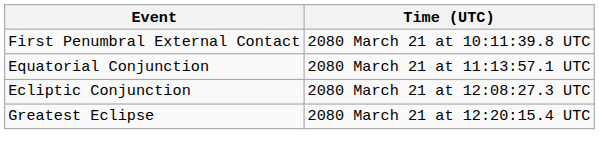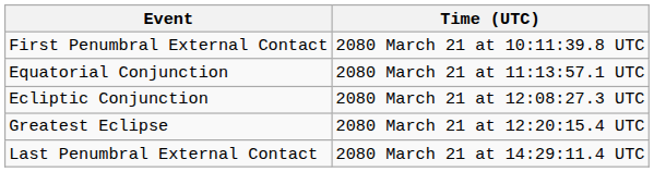 <table class="wikitable">
 <tr>
 <th>Event</th>
 <th>Time (UTC)</th>
 </tr>
 <tr>
 <td>First Penumbral External Contact</td>
 <td>2080 March 21 at 10:11:39.8 UTC</td>
 </tr>
 <tr>
 <td>Equatorial Conjunction</td>
 <td>2080 March 21 at 11:13:57.1 UTC</td>
 </tr>
 <tr>
 <td>Ecliptic Conjunction</td>
 <td>2080 March 21 at 12:08:27.3 UTC</td>
 </tr>
 <tr>
 <td>Greatest Eclipse</td>
 <td>2080 March 21 at 12:20:15.4 UTC</td>
 </tr>
+<tr>
+<td>Last Penumbral External Contact</td>
+<td>2080 March 21 at 14:29:11.4 UTC</td>
+</tr>
 </table>
